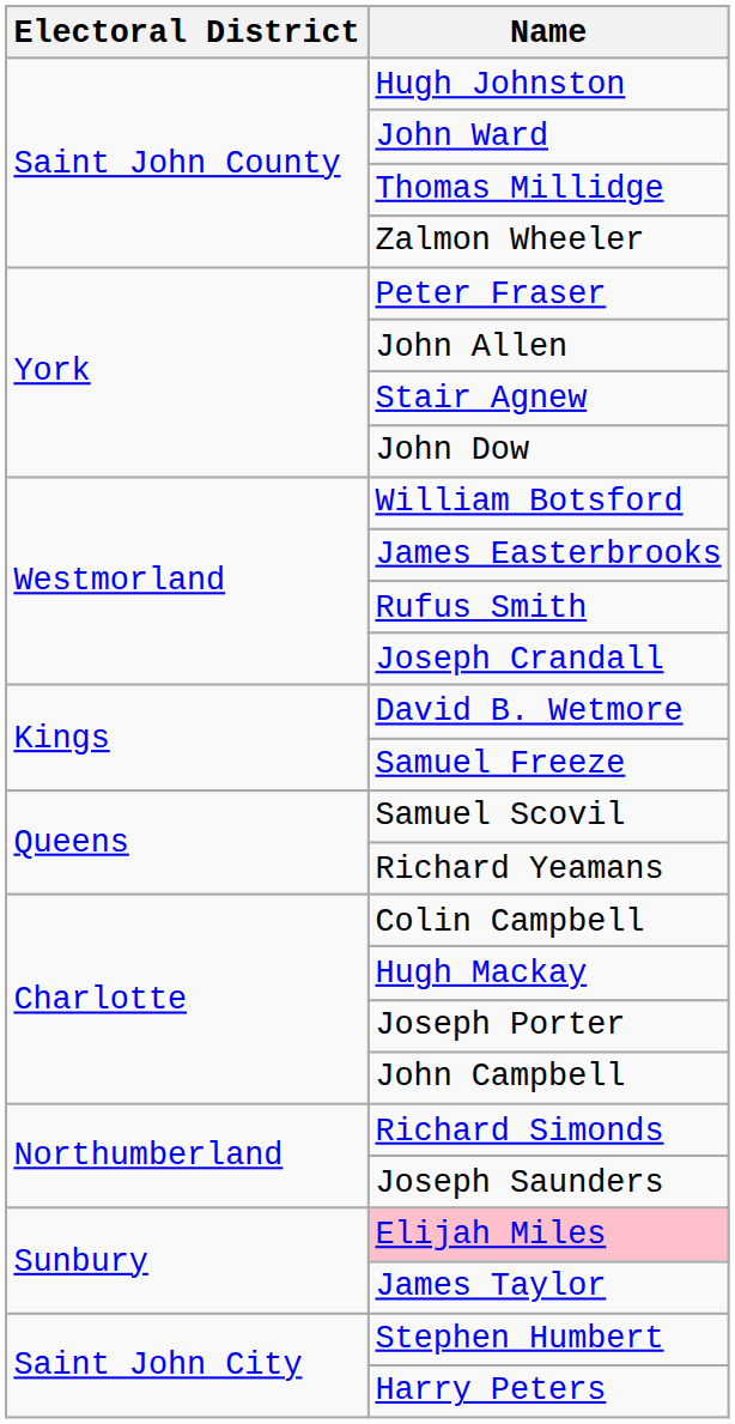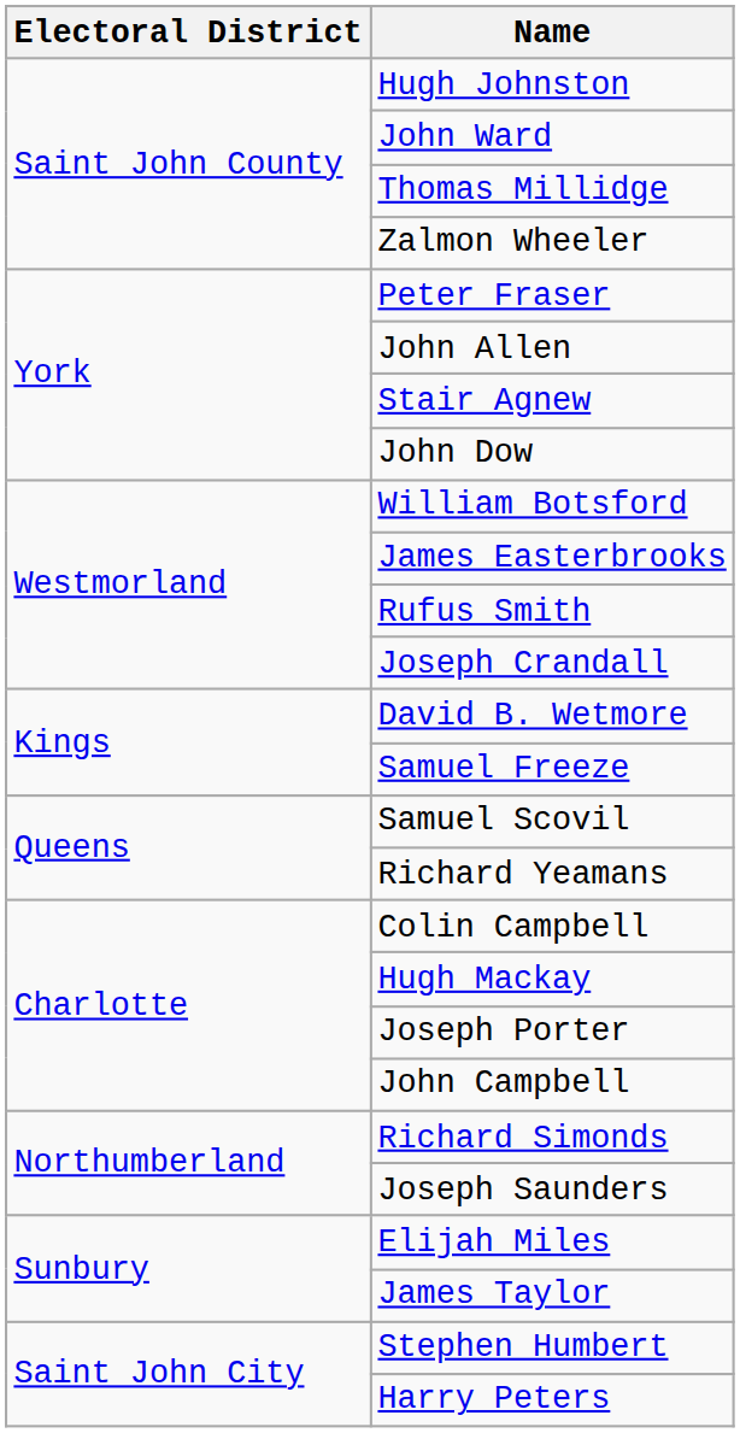 <table class="wikitable">
 <tr>
 <th>Electoral District</th>
 <th>Name</th>
 </tr>
 <tr>
 <td rowspan="4"><a href='#'>Saint John County</a></td>
 <td><a href='#'>Hugh Johnston</a></td>
 </tr>
 <tr>
 <td><a href='#'>John Ward</a></td>
 </tr>
 <tr>
 <td><a href='#'>Thomas Millidge</a></td>
 </tr>
 <tr>
 <td>Zalmon Wheeler</td>
 </tr>
 <tr>
 <td rowspan="4"><a href='#'>York</a></td>
 <td><a href='#'>Peter Fraser</a></td>
 </tr>
 <tr>
 <td>John Allen</td>
 </tr>
 <tr>
 <td><a href='#'>Stair Agnew</a></td>
 </tr>
 <tr>
 <td>John Dow</td>
 </tr>
 <tr>
 <td rowspan="4"><a href='#'>Westmorland</a></td>
 <td><a href='#'>William Botsford</a></td>
 </tr>
 <tr>
 <td><a href='#'>James Easterbrooks</a></td>
 </tr>
 <tr>
 <td><a href='#'>Rufus Smith</a></td>
 </tr>
 <tr>
 <td><a href='#'>Joseph Crandall</a></td>
 </tr>
 <tr>
 <td rowspan="2"><a href='#'>Kings</a></td>
 <td><a href='#'>David B. Wetmore</a></td>
 </tr>
 <tr>
 <td><a href='#'>Samuel Freeze</a></td>
 </tr>
 <tr>
 <td rowspan="2"><a href='#'>Queens</a></td>
 <td>Samuel Scovil</td>
 </tr>
 <tr>
 <td>Richard Yeamans</td>
 </tr>
 <tr>
 <td rowspan="4"><a href='#'>Charlotte</a></td>
 <td>Colin Campbell</td>
 </tr>
 <tr>
 <td><a href='#'>Hugh Mackay</a></td>
 </tr>
 <tr>
 <td>Joseph Porter</td>
 </tr>
 <tr>
 <td>John Campbell</td>
 </tr>
 <tr>
 <td rowspan="2"><a href='#'>Northumberland</a></td>
 <td><a href='#'>Richard Simonds</a></td>
 </tr>
 <tr>
 <td>Joseph Saunders</td>
 </tr>
 <tr>
 <td rowspan="2"><a href='#'>Sunbury</a></td>
-<td style="background: pink;"><a href='#'>Elijah Miles</a></td>
+<td><a href='#'>Elijah Miles</a></td>
 </tr>
 <tr>
 <td><a href='#'>James Taylor</a></td>
 </tr>
 <tr>
 <td rowspan="2"><a href='#'>Saint John City</a></td>
 <td><a href='#'>Stephen Humbert</a></td>
 </tr>
 <tr>
 <td><a href='#'>Harry Peters</a></td>
 </tr>
 </table>
